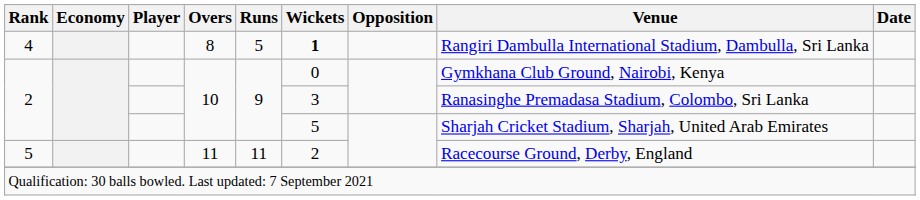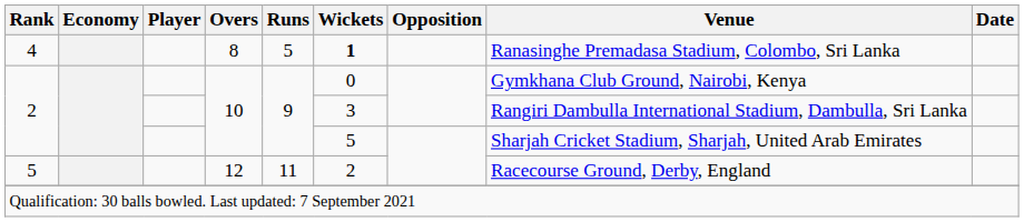 <table class="wikitable plainrowheaders sortable">
 <tr>
 <th scope=col>Rank</th>
 <th scope=col>Economy</th>
 <th scope=col>Player</th>
 <th scope=col>Overs</th>
 <th scope=col>Runs</th>
 <th scope=col>Wickets</th>
 <th scope=col>Opposition</th>
 <th scope=col>Venue</th>
 <th scope=col>Date</th>
 </tr>
 <tr>
 <td align=center>4</td>
 <th scope=row style=text-align:center;></th>
 <td></td>
 <td align=center>8</td>
 <td align=center>5</td>
 <td align=center><strong>1</strong></td>
 <td></td>
-<td><a href='#'>Rangiri Dambulla International Stadium</a>, <a href='#'>Dambulla</a>, Sri Lanka</td>
+<td><a href='#'>Ranasinghe Premadasa Stadium</a>, <a href='#'>Colombo</a>, Sri Lanka</td>
 <td></td>
 </tr>
 <tr>
 <td align=center rowspan=3>2</td>
 <th scope=row style=text-align:center; rowspan=3></th>
 <td></td>
 <td align=center rowspan=3>10</td>
 <td align=center rowspan=3>9</td>
 <td align=center>0</td>
 <td rowspan=2></td>
 <td><a href='#'>Gymkhana Club Ground</a>, <a href='#'>Nairobi</a>, Kenya</td>
 <td></td>
 </tr>
 <tr>
 <td></td>
 <td align=center>3</td>
-<td><a href='#'>Ranasinghe Premadasa Stadium</a>, <a href='#'>Colombo</a>, Sri Lanka</td>
+<td><a href='#'>Rangiri Dambulla International Stadium</a>, <a href='#'>Dambulla</a>, Sri Lanka</td>
 <td></td>
 </tr>
 <tr>
 <td></td>
 <td align=center>5</td>
 <td rowspan=2></td>
 <td><a href='#'>Sharjah Cricket Stadium</a>, <a href='#'>Sharjah</a>, United Arab Emirates</td>
 <td></td>
 </tr>
 <tr>
 <td align=center>5</td>
 <th scope=row style=text-align:center;></th>
 <td></td>
-<td align=center>11</td>
+<td align=center>12</td>
 <td align=center>11</td>
 <td align=center>2</td>
 <td><a href='#'>Racecourse Ground</a>, <a href='#'>Derby</a>, England</td>
 <td> </td>
 </tr>
 <tr>
 </tr>
 <tr class=sortbottom>
 <td colspan=9><small>Qualification: 30 balls bowled. Last updated: 7 September 2021</small></td>
 </tr>
 </table>
